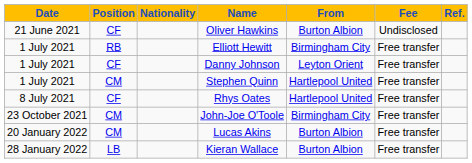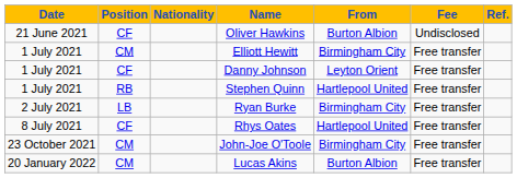 <table class="wikitable"  style="text-align:center; font-size:90%; ">
 <tr>
 <th style="background:#ffbf00;color:#1C4EBD ">Date</th>
 <th style="background:#ffbf00;color:#1C4EBD ">Position</th>
 <th style="background:#ffbf00;color:#1C4EBD ">Nationality</th>
 <th style="background:#ffbf00;color:#1C4EBD ">Name</th>
 <th style="background:#ffbf00;color:#1C4EBD ">From</th>
 <th style="background:#ffbf00;color:#1C4EBD ">Fee</th>
 <th style="background:#ffbf00;color:#1C4EBD ">Ref.</th>
 </tr>
 <tr>
 <td>21 June 2021</td>
 <td><a href='#'>CF</a></td>
 <td></td>
 <td><a href='#'>Oliver Hawkins</a></td>
 <td> <a href='#'>Burton Albion</a></td>
 <td>Undisclosed</td>
 <td></td>
 </tr>
 <tr>
 <td>1 July 2021</td>
-<td><a href='#'>RB</a></td>
+<td><a href='#'>CM</a></td>
 <td></td>
 <td><a href='#'>Elliott Hewitt</a></td>
 <td> <a href='#'>Birmingham City</a></td>
 <td>Free transfer</td>
 <td></td>
 </tr>
 <tr>
 <td>1 July 2021</td>
 <td><a href='#'>CF</a></td>
 <td></td>
 <td><a href='#'>Danny Johnson</a></td>
 <td> <a href='#'>Leyton Orient</a></td>
 <td>Free transfer</td>
 <td></td>
 </tr>
 <tr>
 <td>1 July 2021</td>
-<td><a href='#'>CM</a></td>
+<td><a href='#'>RB</a></td>
 <td></td>
 <td><a href='#'>Stephen Quinn</a></td>
 <td> <a href='#'>Hartlepool United</a></td>
+<td>Free transfer</td>
+<td></td>
+</tr>
+<tr>
+<td>2 July 2021</td>
+<td><a href='#'>LB</a></td>
+<td></td>
+<td><a href='#'>Ryan Burke</a></td>
+<td> <a href='#'>Birmingham City</a></td>
 <td>Free transfer</td>
 <td></td>
 </tr>
 <tr>
 <td>8 July 2021</td>
 <td><a href='#'>CF</a></td>
 <td></td>
 <td><a href='#'>Rhys Oates</a></td>
 <td> <a href='#'>Hartlepool United</a></td>
 <td>Free transfer</td>
 <td></td>
 </tr>
 <tr>
 <td>23 October 2021</td>
 <td><a href='#'>CM</a></td>
 <td></td>
 <td><a href='#'>John-Joe O'Toole</a></td>
 <td> <a href='#'>Birmingham City</a></td>
 <td>Free transfer</td>
 <td></td>
 </tr>
 <tr>
 <td>20 January 2022</td>
 <td><a href='#'>CM</a></td>
 <td></td>
 <td><a href='#'>Lucas Akins</a></td>
 <td> <a href='#'>Burton Albion</a></td>
 <td>Free transfer</td>
 <td></td>
 </tr>
-<tr>
-<td>28 January 2022</td>
-<td><a href='#'>LB</a></td>
-<td></td>
-<td><a href='#'>Kieran Wallace</a></td>
-<td> <a href='#'>Burton Albion</a></td>
-<td>Free transfer</td>
-<td></td>
-</tr>
 </table>
